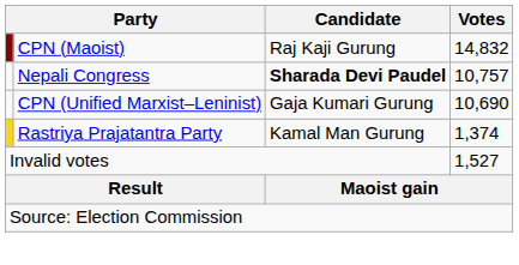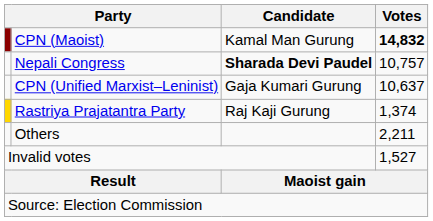 <table class="wikitable">
 <tr>
 <th colspan="2">Party</th>
 <th>Candidate</th>
 <th>Votes</th>
 </tr>
 <tr>
 <td style="background-color:darkred"></td>
 <td><a href='#'>CPN (Maoist)</a></td>
-<td>Raj Kaji Gurung</td>
-<td>14,832</td>
+<td>Kamal Man Gurung</td>
+<td><strong>14,832</strong></td>
 </tr>
 <tr>
 <td style="background-color:"></td>
 <td><a href='#'>Nepali Congress</a></td>
 <td><strong>Sharada Devi Paudel</strong></td>
 <td>10,757</td>
 </tr>
 <tr>
 <td style="background-color:"></td>
 <td><a href='#'>CPN (Unified Marxist–Leninist)</a></td>
 <td>Gaja Kumari Gurung</td>
-<td>10,690</td>
+<td>10,637</td>
 </tr>
 <tr>
 <td style="background-color:gold"></td>
 <td><a href='#'>Rastriya Prajatantra Party</a></td>
-<td>Kamal Man Gurung</td>
+<td>Raj Kaji Gurung</td>
 <td>1,374</td>
+</tr>
+<tr>
+<td></td>
+<td>Others</td>
+<td></td>
+<td>2,211</td>
 </tr>
 <tr>
 <td colspan="3">Invalid votes</td>
 <td>1,527</td>
 </tr>
 <tr>
 <th colspan="2">Result</th>
 <th colspan="2">Maoist gain</th>
 </tr>
 <tr>
 <td colspan="4">Source: Election Commission</td>
 </tr>
 </table>
